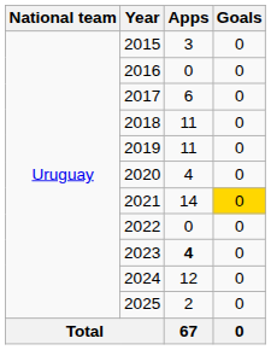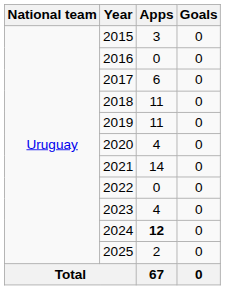 <table class="wikitable" style="text-align:center">
 <tr>
 <th>National team</th>
 <th>Year</th>
 <th>Apps</th>
 <th>Goals</th>
 </tr>
 <tr>
 <td rowspan="11"><a href='#'>Uruguay</a></td>
 <td>2015</td>
 <td>3</td>
 <td>0</td>
 </tr>
 <tr>
 <td>2016</td>
 <td>0</td>
 <td>0</td>
 </tr>
 <tr>
 <td>2017</td>
 <td>6</td>
 <td>0</td>
 </tr>
 <tr>
 <td>2018</td>
 <td>11</td>
 <td>0</td>
 </tr>
 <tr>
 <td>2019</td>
 <td>11</td>
 <td>0</td>
 </tr>
 <tr>
 <td>2020</td>
 <td>4</td>
 <td>0</td>
 </tr>
 <tr>
 <td>2021</td>
 <td>14</td>
-<td style="background: gold;">0</td>
+<td>0</td>
 </tr>
 <tr>
 <td>2022</td>
 <td>0</td>
 <td>0</td>
 </tr>
 <tr>
 <td>2023</td>
-<td><strong>4</strong></td>
+<td>4</td>
 <td>0</td>
 </tr>
 <tr>
 <td>2024</td>
-<td>12</td>
+<td><strong>12</strong></td>
 <td>0</td>
 </tr>
 <tr>
 <td>2025</td>
 <td>2</td>
 <td>0</td>
 </tr>
 <tr>
 <th colspan="2">Total</th>
 <th>67</th>
 <th>0</th>
 </tr>
 </table>
